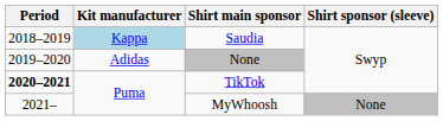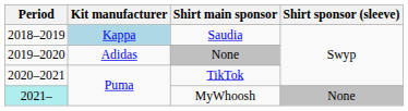 <table class="wikitable" style="text-align: center">
 <tr>
 <th>Period</th>
 <th>Kit manufacturer</th>
 <th>Shirt main sponsor</th>
 <th>Shirt sponsor (sleeve)</th>
 </tr>
 <tr>
 <td>2018–2019</td>
 <td style="background: lightblue;"><a href='#'>Kappa</a></td>
 <td><a href='#'>Saudia</a></td>
 <td rowspan=3>Swyp</td>
 </tr>
 <tr>
 <td>2019–2020</td>
 <td><a href='#'>Adidas</a></td>
 <td style=background:silver>None</td>
 </tr>
 <tr>
-<td><strong>2020–2021</strong></td>
+<td>2020–2021</td>
 <td rowspan=2><a href='#'>Puma</a></td>
 <td><a href='#'>TikTok</a></td>
 </tr>
 <tr>
-<td>2021–</td>
+<td style="background: paleturquoise;">2021–</td>
 <td>MyWhoosh</td>
 <td style=background:silver>None</td>
 </tr>
 </table>
